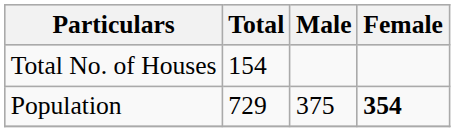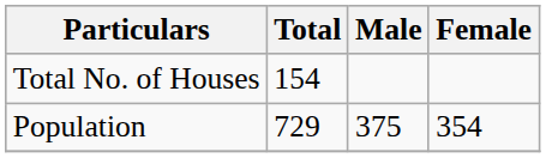 <table class="wikitable sortable">
 <tr>
 <th>Particulars</th>
 <th>Total</th>
 <th>Male</th>
 <th>Female</th>
 </tr>
 <tr>
 <td>Total No. of Houses</td>
 <td>154</td>
 <td></td>
 <td></td>
 </tr>
 <tr>
 <td>Population</td>
 <td>729</td>
 <td>375</td>
-<td><strong>354</strong></td>
+<td>354</td>
 </tr>
 <tr>
 </tr>
 </table>
